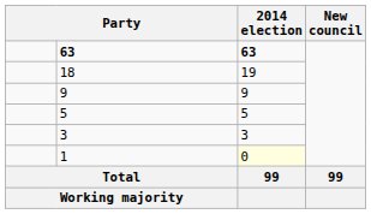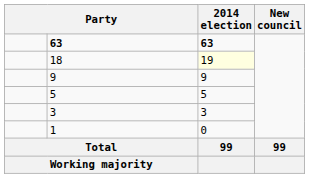 <table class="wikitable">
 <tr>
 <th valign=centre colspan="2" style="width: 230px">Party</th>
 <th valign=top style="width: 30px">2014 election</th>
 <th valign=top style="width: 30px">New council</th>
 </tr>
 <tr>
 <td></td>
 <td><strong>63</strong></td>
 <td><strong>63</strong></td>
 </tr>
 <tr>
 <td></td>
 <td>18</td>
-<td>19</td>
+<td style="background: lightyellow;">19</td>
 </tr>
 <tr>
 <td></td>
 <td>9</td>
 <td>9</td>
 </tr>
 <tr>
 <td></td>
 <td>5</td>
 <td>5</td>
 </tr>
 <tr>
 <td></td>
 <td>3</td>
 <td>3</td>
 </tr>
 <tr>
 <td></td>
 <td>1</td>
-<td style="background: lightyellow;">0</td>
+<td>0</td>
 </tr>
 <tr>
 <th colspan=2>Total</th>
 <th style="text-align: center">99</th>
 <th colspan=3>99</th>
 </tr>
 <tr>
 <th colspan=2>Working majority</th>
 <th></th>
 <th></th>
 </tr>
 </table>
